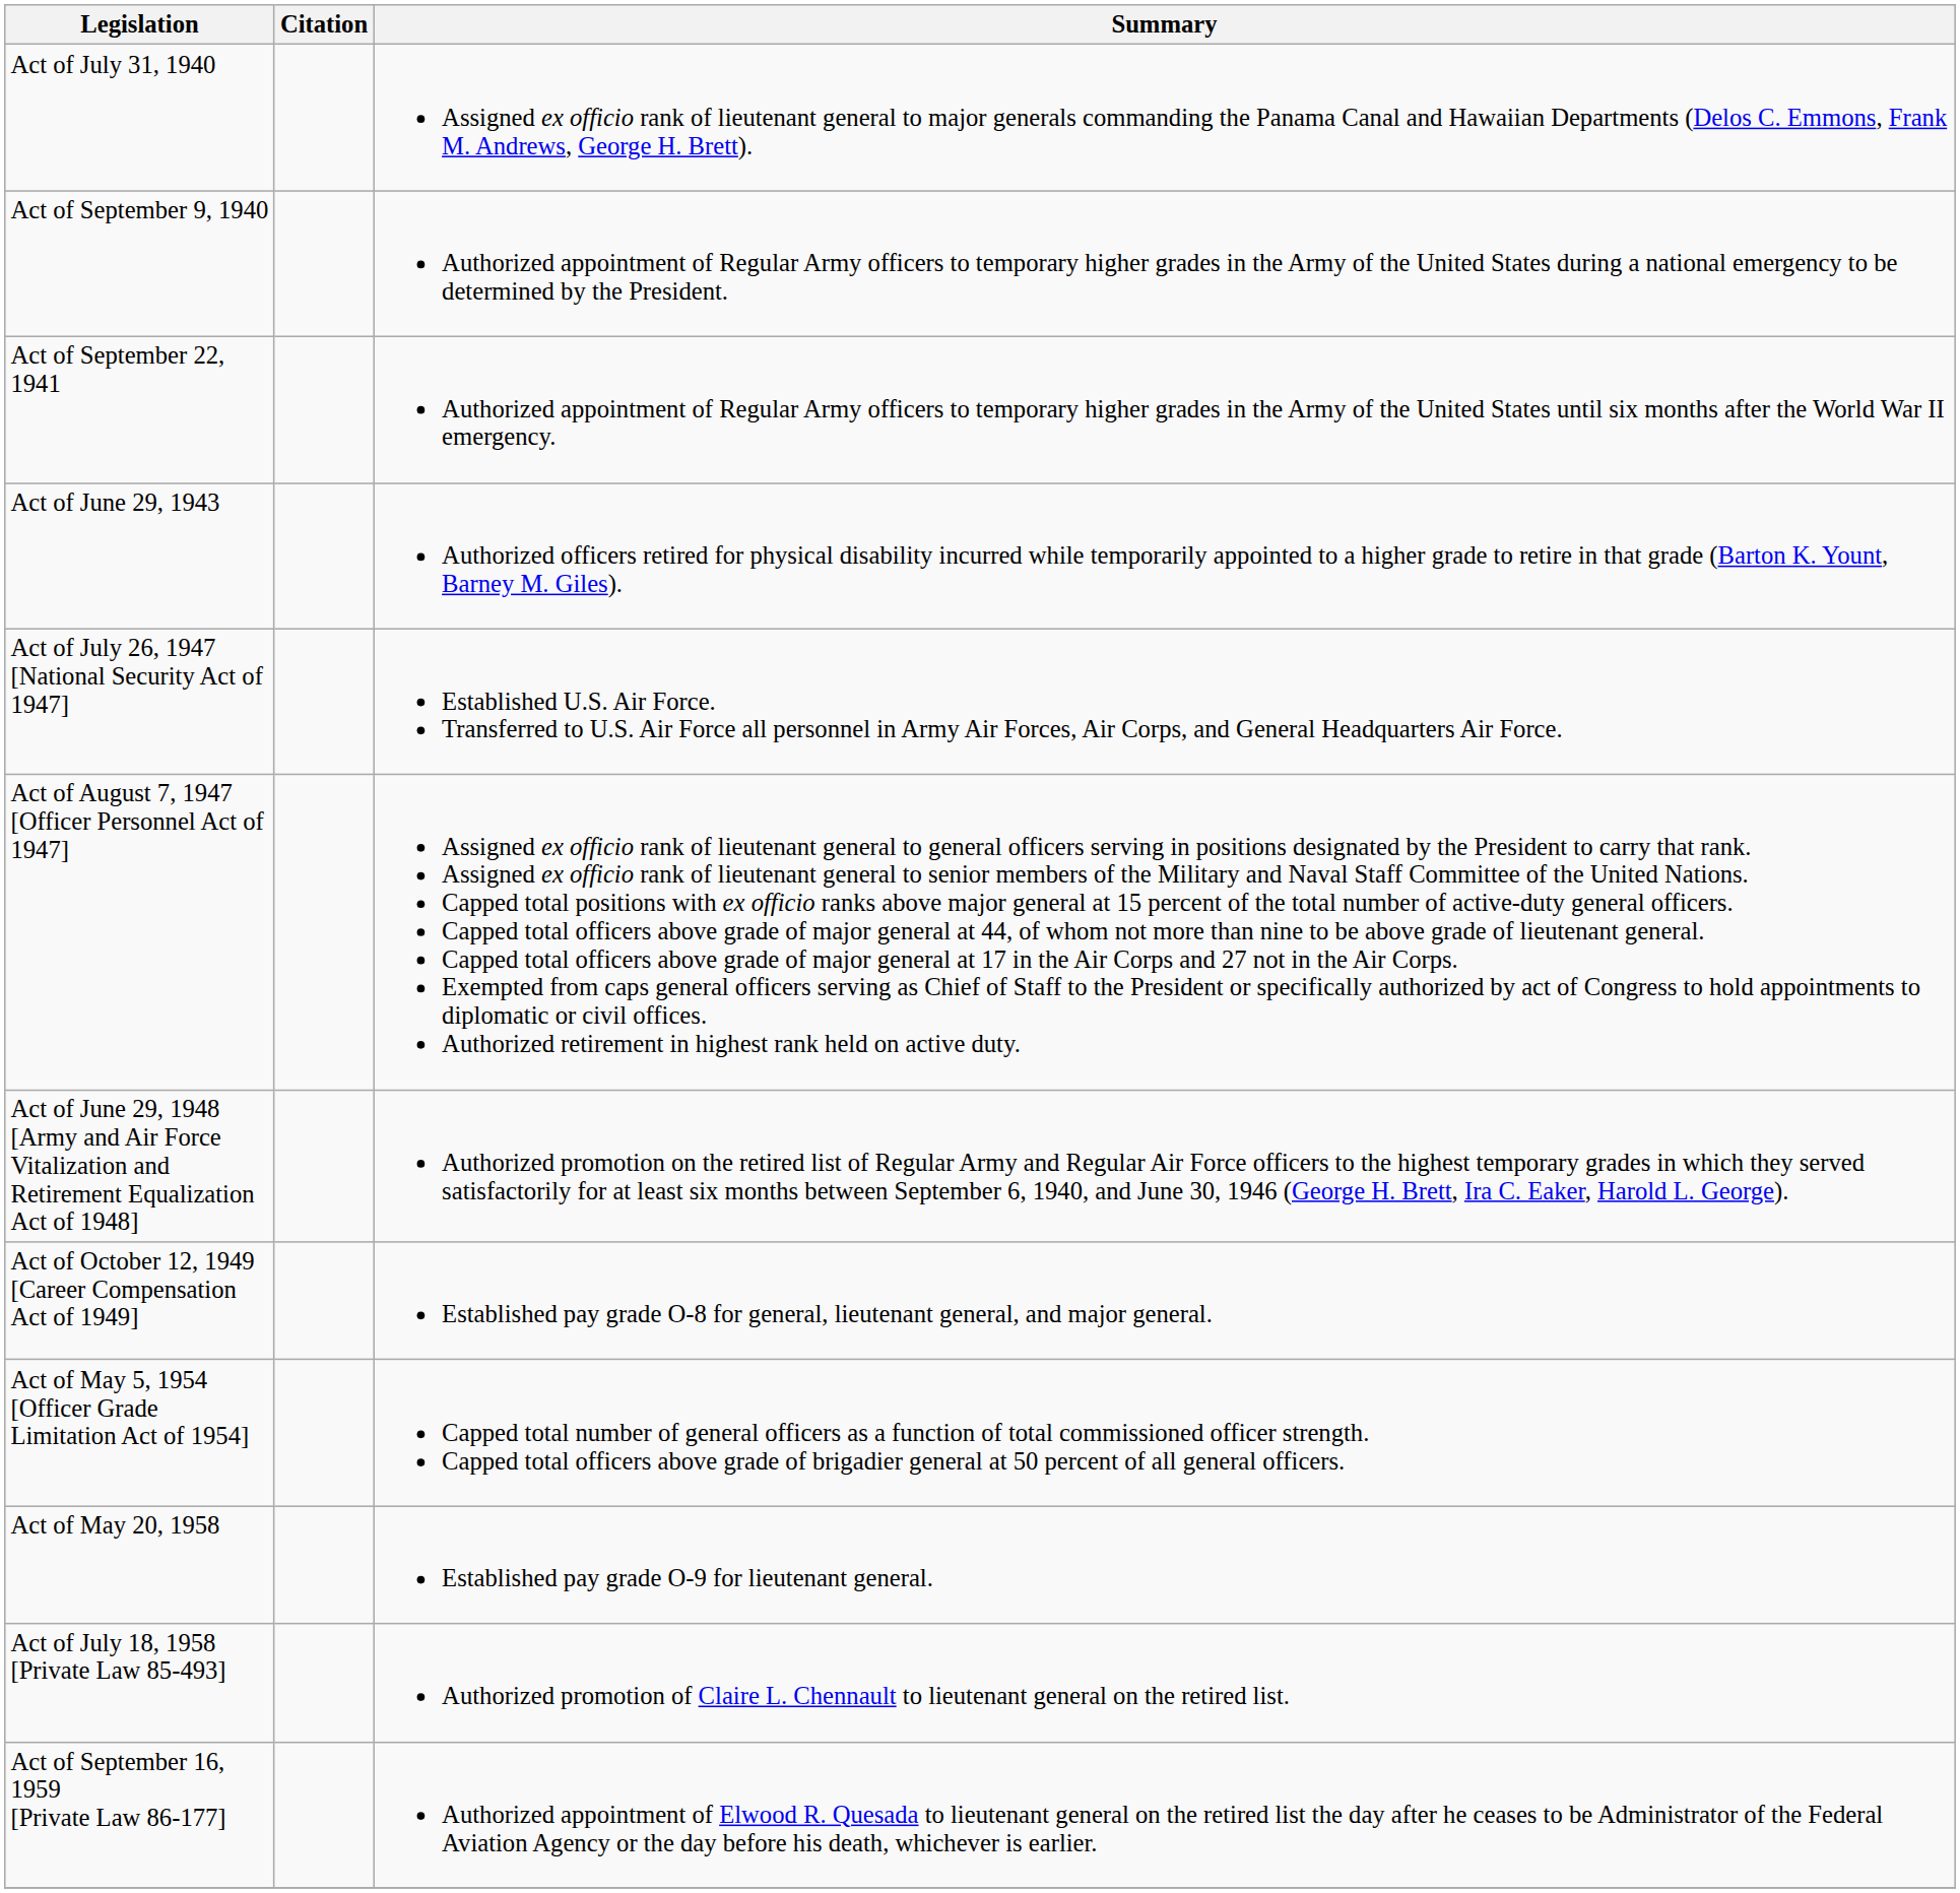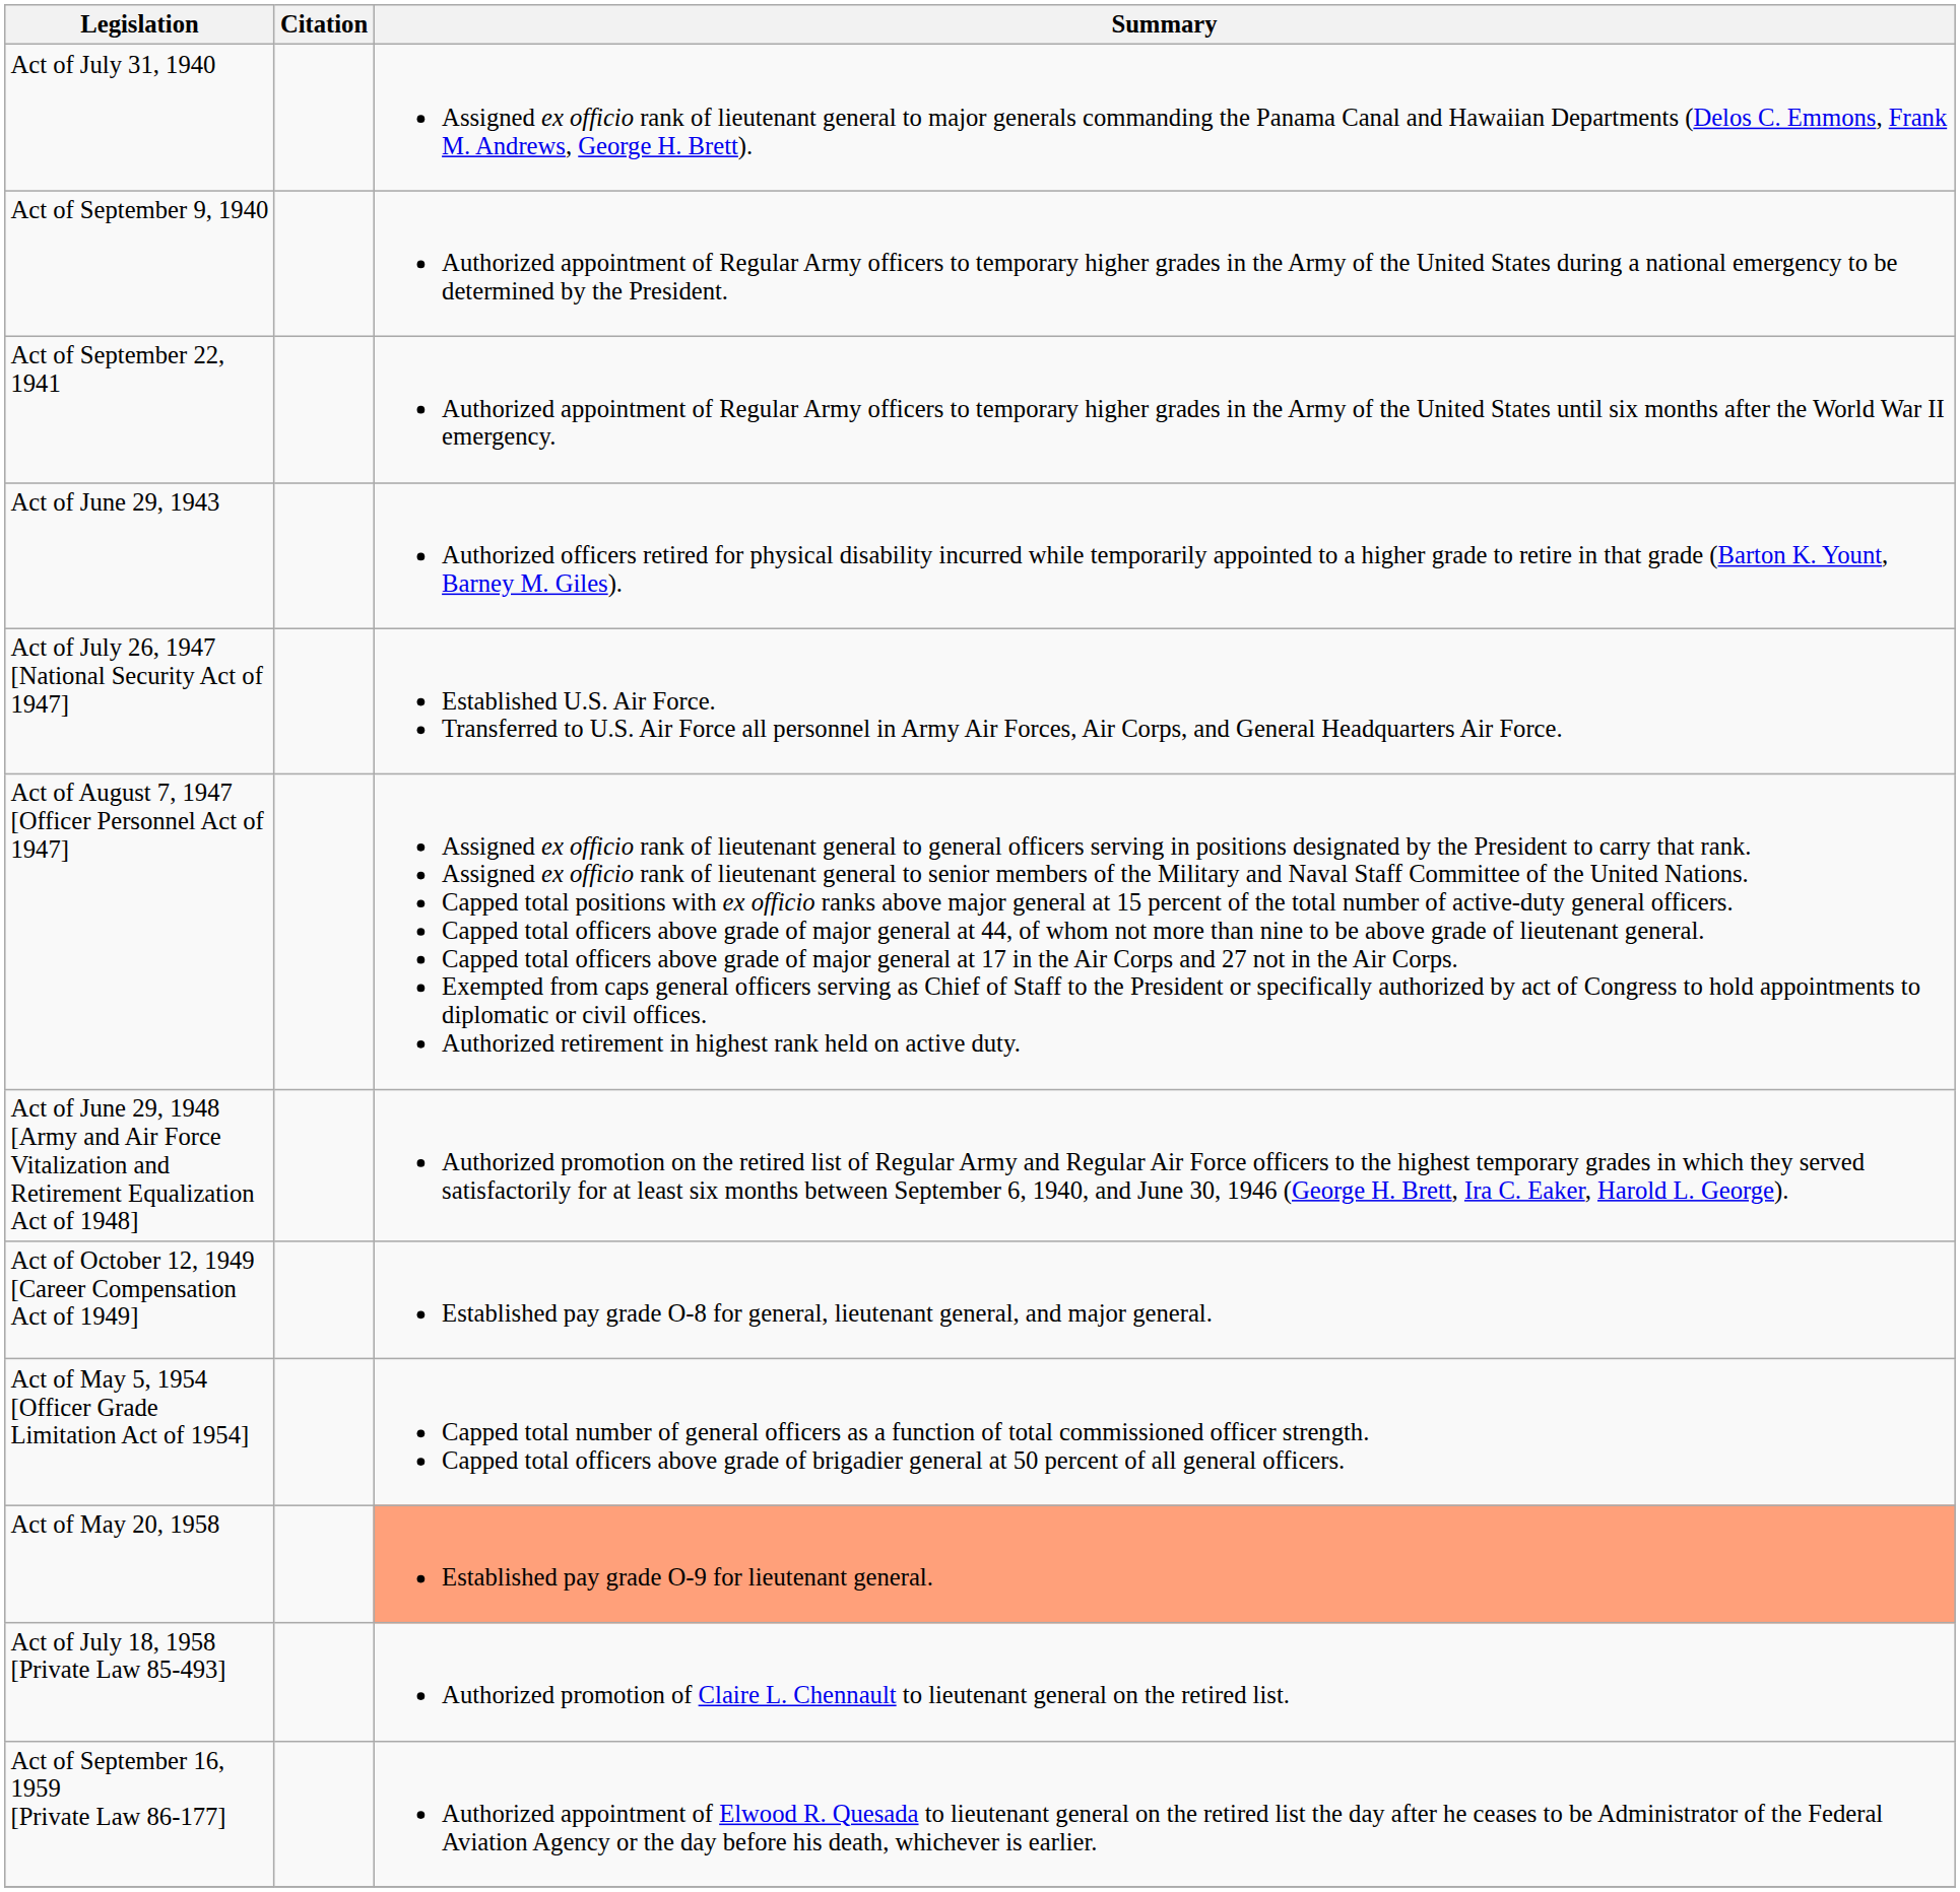 <table class="wikitable">
 <tr>
 <th width = 165>Legislation</th>
 <th>Citation</th>
 <th>Summary</th>
 </tr>
 <tr valign=top>
 <td>Act of July 31, 1940</td>
 <td> </td>
 <td><br><ul><li>Assigned <em>ex officio</em> rank of lieutenant general to major generals commanding the Panama Canal and Hawaiian Departments (<a href='#'>Delos C. Emmons</a>, <a href='#'>Frank M. Andrews</a>, <a href='#'>George H. Brett</a>).</li></ul></td>
 </tr>
 <tr valign=top>
 <td>Act of September 9, 1940</td>
 <td> </td>
 <td><br><ul><li>Authorized appointment of Regular Army officers to temporary higher grades in the Army of the United States during a national emergency to be determined by the President.</li></ul></td>
 </tr>
 <tr valign=top>
 <td>Act of September 22, 1941</td>
 <td> </td>
 <td><br><ul><li>Authorized appointment of Regular Army officers to temporary higher grades in the Army of the United States until six months after the World War II emergency.</li></ul></td>
 </tr>
 <tr valign=top>
 <td>Act of June 29, 1943</td>
 <td> </td>
 <td><br><ul><li>Authorized officers retired for physical disability incurred while temporarily appointed to a higher grade to retire in that grade (<a href='#'>Barton K. Yount</a>, <a href='#'>Barney M. Giles</a>).</li></ul></td>
 </tr>
 <tr valign=top>
 <td>Act of July 26, 1947<br>[National Security Act of 1947]</td>
 <td> </td>
 <td><br><ul><li>Established U.S. Air Force.</li><li>Transferred to U.S. Air Force all personnel in Army Air Forces, Air Corps, and General Headquarters Air Force.</li></ul></td>
 </tr>
 <tr valign=top>
 <td>Act of August 7, 1947<br>[Officer Personnel Act of 1947]</td>
 <td> </td>
 <td><br><ul><li>Assigned <em>ex officio</em> rank of lieutenant general to general officers serving in positions designated by the President to carry that rank.</li><li>Assigned <em>ex officio</em> rank of lieutenant general to senior members of the Military and Naval Staff Committee of the United Nations.</li><li>Capped total positions with <em>ex officio</em> ranks above major general at 15 percent of the total number of active-duty general officers.</li><li>Capped total officers above grade of major general at 44, of whom not more than nine to be above grade of lieutenant general.</li><li>Capped total officers above grade of major general at 17 in the Air Corps and 27 not in the Air Corps.</li><li>Exempted from caps general officers serving as Chief of Staff to the President or specifically authorized by act of Congress to hold appointments to diplomatic or civil offices.</li><li>Authorized retirement in highest rank held on active duty.</li></ul></td>
 </tr>
 <tr valign=top>
 <td>Act of June 29, 1948<br>[Army and Air Force Vitalization and Retirement Equalization Act of 1948]</td>
 <td> </td>
 <td><br><ul><li>Authorized promotion on the retired list of Regular Army and Regular Air Force officers to the highest temporary grades in which they served satisfactorily for at least six months between September 6, 1940, and June 30, 1946 (<a href='#'>George H. Brett</a>, <a href='#'>Ira C. Eaker</a>, <a href='#'>Harold L. George</a>).</li></ul></td>
 </tr>
 <tr valign=top>
 <td>Act of October 12, 1949<br>[Career Compensation Act of 1949]</td>
 <td> </td>
 <td><br><ul><li>Established pay grade O-8 for general, lieutenant general, and major general.</li></ul></td>
 </tr>
 <tr valign=top>
 <td>Act of May 5, 1954<br>[Officer Grade Limitation Act of 1954]</td>
 <td> </td>
 <td><br><ul><li>Capped total number of general officers as a function of total commissioned officer strength.</li><li>Capped total officers above grade of brigadier general at 50 percent of all general officers.</li></ul></td>
 </tr>
 <tr valign=top>
 <td>Act of May 20, 1958</td>
 <td> </td>
-<td><br><ul><li>Established pay grade O-9 for lieutenant general.</li></ul></td>
+<td style="background: lightsalmon;"><br><ul><li>Established pay grade O-9 for lieutenant general.</li></ul></td>
 </tr>
 <tr valign=top>
 <td>Act of July 18, 1958<br>[Private Law 85-493]</td>
 <td> </td>
 <td><br><ul><li>Authorized promotion of <a href='#'>Claire L. Chennault</a> to lieutenant general on the retired list.</li></ul></td>
 </tr>
 <tr valign=top>
 <td>Act of September 16, 1959<br>[Private Law 86-177]</td>
 <td> </td>
 <td><br><ul><li>Authorized appointment of <a href='#'>Elwood R. Quesada</a> to lieutenant general on the retired list the day after he ceases to be Administrator of the Federal Aviation Agency or the day before his death, whichever is earlier.</li></ul></td>
 </tr>
 <tr>
 </tr>
 </table>
